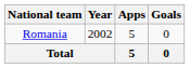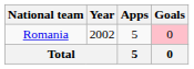 <table class="wikitable" style="text-align:center">
 <tr>
 <th>National team</th>
 <th>Year</th>
 <th>Apps</th>
 <th>Goals</th>
 </tr>
 <tr>
 <td rowspan="1"><a href='#'>Romania</a></td>
 <td>2002</td>
 <td>5</td>
-<td>0</td>
+<td style="background: pink;">0</td>
 </tr>
 <tr>
 <th colspan=2>Total</th>
 <th>5</th>
 <th>0</th>
 </tr>
 </table>
